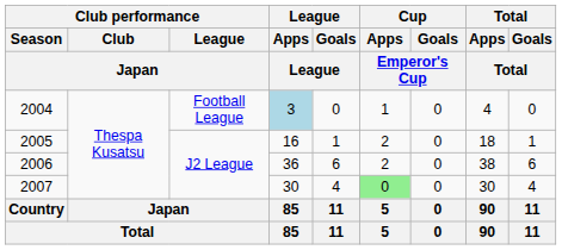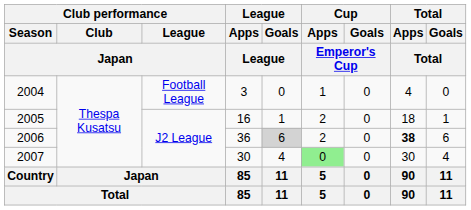 <table class="wikitable" style="text-align:center;">
 <tr>
 <th colspan=3>Club performance</th>
 <th colspan=2>League</th>
 <th colspan=2>Cup</th>
 <th colspan=2>Total</th>
 </tr>
 <tr>
 <th>Season</th>
 <th>Club</th>
 <th>League</th>
 <th>Apps</th>
 <th>Goals</th>
 <th>Apps</th>
 <th>Goals</th>
 <th>Apps</th>
 <th>Goals</th>
 </tr>
 <tr>
 <th colspan=3>Japan</th>
 <th colspan=2>League</th>
 <th colspan=2><a href='#'>Emperor's Cup</a></th>
 <th colspan=2>Total</th>
 </tr>
 <tr>
 <td>2004</td>
 <td rowspan="4"><a href='#'>Thespa Kusatsu</a></td>
 <td><a href='#'>Football League</a></td>
-<td style="background: lightblue;">3</td>
+<td>3</td>
 <td>0</td>
 <td>1</td>
 <td>0</td>
 <td>4</td>
 <td>0</td>
 </tr>
 <tr>
 <td>2005</td>
 <td rowspan="3"><a href='#'>J2 League</a></td>
 <td>16</td>
 <td>1</td>
 <td>2</td>
 <td>0</td>
 <td>18</td>
 <td>1</td>
 </tr>
 <tr>
 <td>2006</td>
 <td>36</td>
-<td>6</td>
+<td style="background: lightgrey;">6</td>
 <td>2</td>
 <td>0</td>
-<td>38</td>
+<td><strong>38</strong></td>
 <td>6</td>
 </tr>
 <tr>
 <td>2007</td>
 <td>30</td>
 <td>4</td>
 <td style="background: lightgreen;">0</td>
 <td>0</td>
 <td>30</td>
 <td>4</td>
 </tr>
 <tr>
 <th rowspan=1>Country</th>
 <th colspan=2>Japan</th>
 <th>85</th>
 <th>11</th>
 <th>5</th>
 <th>0</th>
 <th>90</th>
 <th>11</th>
 </tr>
 <tr>
 <th colspan=3>Total</th>
 <th>85</th>
 <th>11</th>
 <th>5</th>
 <th>0</th>
 <th>90</th>
 <th>11</th>
 </tr>
 </table>
